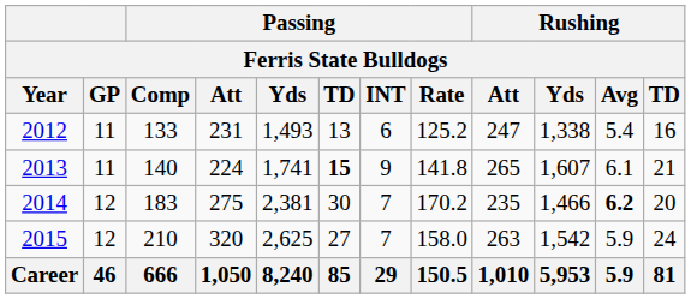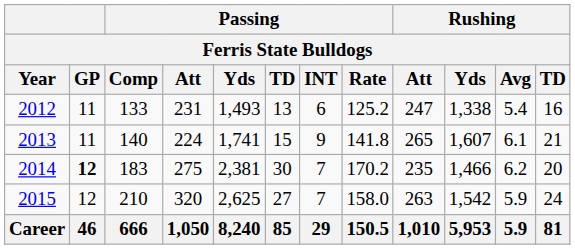 <table class="wikitable" style="text-align:center;">
 <tr>
 <th colspan="2"></th>
 <th colspan="6">Passing</th>
 <th colspan="4">Rushing</th>
 </tr>
 <tr>
 <th colspan="12">Ferris State Bulldogs</th>
 </tr>
 <tr>
 <th>Year</th>
 <th>GP</th>
 <th>Comp</th>
 <th>Att</th>
 <th>Yds</th>
 <th>TD</th>
 <th>INT</th>
 <th>Rate</th>
 <th>Att</th>
 <th>Yds</th>
 <th>Avg</th>
 <th>TD</th>
 </tr>
 <tr>
 <td><a href='#'>2012</a></td>
 <td>11</td>
 <td>133</td>
 <td>231</td>
 <td>1,493</td>
 <td>13</td>
 <td>6</td>
 <td>125.2</td>
 <td>247</td>
 <td>1,338</td>
 <td>5.4</td>
 <td>16</td>
 </tr>
 <tr>
 <td><a href='#'>2013</a></td>
 <td>11</td>
 <td>140</td>
 <td>224</td>
 <td>1,741</td>
-<td><strong>15</strong></td>
+<td>15</td>
 <td>9</td>
 <td>141.8</td>
 <td>265</td>
 <td>1,607</td>
 <td>6.1</td>
 <td>21</td>
 </tr>
 <tr>
 <td><a href='#'>2014</a></td>
-<td>12</td>
+<td><strong>12</strong></td>
 <td>183</td>
 <td>275</td>
 <td>2,381</td>
 <td>30</td>
 <td>7</td>
 <td>170.2</td>
 <td>235</td>
 <td>1,466</td>
-<td><strong>6.2</strong></td>
+<td>6.2</td>
 <td>20</td>
 </tr>
 <tr>
 <td><a href='#'>2015</a></td>
 <td>12</td>
 <td>210</td>
 <td>320</td>
 <td>2,625</td>
 <td>27</td>
 <td>7</td>
 <td>158.0</td>
 <td>263</td>
 <td>1,542</td>
 <td>5.9</td>
 <td>24</td>
 </tr>
 <tr style="background:#eee;">
 <th colspan=1><strong>Career</strong></th>
 <th>46</th>
 <th>666</th>
 <th>1,050</th>
 <th>8,240</th>
 <th>85</th>
 <th>29</th>
 <th>150.5</th>
 <th>1,010</th>
 <th>5,953</th>
 <th>5.9</th>
 <th>81</th>
 </tr>
 </table>
